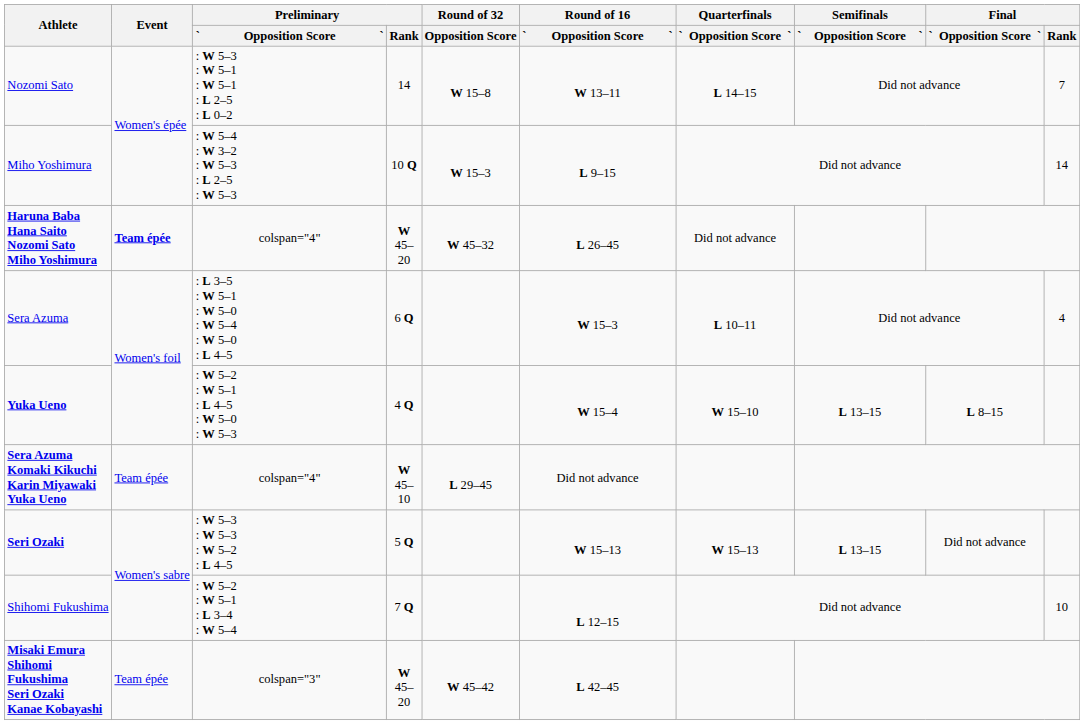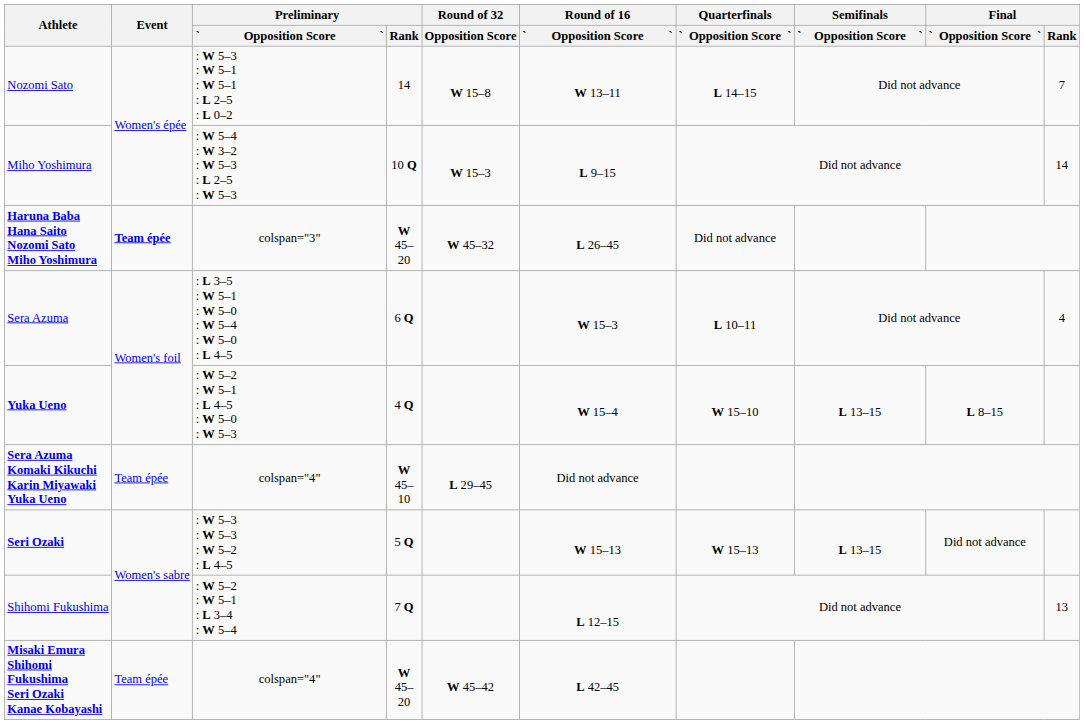 <table class=wikitable style=font-size:90%;text-align:center>
 <tr>
 <th rowspan="2">Athlete</th>
 <th rowspan="2">Event</th>
 <th colspan="2">Preliminary</th>
 <th>Round of 32</th>
 <th>Round of 16</th>
 <th>Quarterfinals</th>
 <th>Semifinals</th>
 <th colspan="2">Final</th>
 </tr>
 <tr>
 <th>`              Opposition Score              `</th>
 <th>Rank</th>
 <th>Opposition Score</th>
 <th>`        Opposition Score        `</th>
 <th>`  Opposition Score  `</th>
 <th>`    Opposition Score    `</th>
 <th>`  Opposition Score  `</th>
 <th>Rank</th>
 </tr>
 <tr>
 <td align=left><a href='#'>Nozomi Sato</a></td>
 <td align=left rowspan="2"><a href='#'>Women's épée</a></td>
 <td align=left>: <strong>W</strong> 5–3<br>: <strong>W</strong> 5–1<br>: <strong>W</strong> 5–1<br>: <strong>L</strong> 2–5<br>: <strong>L</strong> 0–2</td>
 <td>14</td>
 <td><br><strong>W</strong> 15–8</td>
 <td><br><strong>W</strong> 13–11</td>
 <td><br><strong>L</strong> 14–15</td>
 <td colspan="2">Did not advance</td>
 <td>7</td>
 </tr>
 <tr>
 <td align=left><a href='#'>Miho Yoshimura</a></td>
 <td align=left>: <strong>W</strong> 5–4<br>: <strong>W</strong> 3–2<br>: <strong>W</strong> 5–3<br>: <strong>L</strong> 2–5<br>: <strong>W</strong> 5–3</td>
 <td>10 <strong>Q</strong></td>
 <td><br><strong>W</strong> 15–3</td>
 <td><br><strong>L</strong> 9–15</td>
 <td colspan="3">Did not advance</td>
 <td>14</td>
 </tr>
 <tr>
 <td align=left><strong><a href='#'>Haruna Baba</a><br><a href='#'>Hana Saito</a><br><a href='#'>Nozomi Sato</a><br><a href='#'>Miho Yoshimura</a></strong></td>
 <td align=left><strong><a href='#'>Team épée</a></strong></td>
-<td>colspan="4" </td>
+<td>colspan="3" </td>
 <td><br><strong>W</strong> 45–20</td>
 <td><br><strong>W</strong> 45–32</td>
 <td><br><strong>L</strong> 26–45</td>
 <td>Did not advance</td>
 <td></td>
 </tr>
 <tr>
 <td align=left><a href='#'>Sera Azuma</a></td>
 <td align=left rowspan="2"><a href='#'>Women's foil</a></td>
 <td align=left>: <strong>L</strong> 3–5<br>: <strong>W</strong> 5–1<br>: <strong>W</strong> 5–0<br>: <strong>W</strong> 5–4<br>: <strong>W</strong> 5–0<br>: <strong>L</strong> 4–5</td>
 <td>6 <strong>Q</strong></td>
 <td></td>
 <td><br><strong>W</strong> 15–3</td>
 <td><br><strong>L</strong> 10–11</td>
 <td colspan="2">Did not advance</td>
 <td>4</td>
 </tr>
 <tr>
 <td align=left><strong><a href='#'>Yuka Ueno</a></strong></td>
 <td align=left>: <strong>W</strong> 5–2<br>: <strong>W</strong> 5–1<br>: <strong>L</strong> 4–5<br>: <strong>W</strong> 5–0<br>: <strong>W</strong> 5–3</td>
 <td>4 <strong>Q</strong></td>
 <td></td>
 <td><br><strong>W</strong> 15–4</td>
 <td><br><strong>W</strong> 15–10</td>
 <td><br><strong>L</strong> 13–15</td>
 <td><br><strong>L</strong> 8–15</td>
 <td></td>
 </tr>
 <tr>
 <td align=left><strong><a href='#'>Sera Azuma</a><br><a href='#'>Komaki Kikuchi</a><br><a href='#'>Karin Miyawaki</a><br><a href='#'>Yuka Ueno</a></strong></td>
 <td align=left><a href='#'>Team épée</a></td>
 <td>colspan="4" </td>
 <td><br><strong>W</strong> 45–10</td>
 <td><br><strong>L</strong> 29–45</td>
 <td>Did not advance</td>
 <td></td>
 </tr>
 <tr>
 <td align=left><strong><a href='#'>Seri Ozaki</a></strong></td>
 <td align=left rowspan="2"><a href='#'>Women's sabre</a></td>
 <td align=left>: <strong>W</strong> 5–3<br>: <strong>W</strong> 5–3<br>: <strong>W</strong> 5–2<br>: <strong>L</strong> 4–5</td>
 <td>5 <strong>Q</strong></td>
 <td></td>
 <td><br><strong>W</strong> 15–13</td>
 <td><br><strong>W</strong> 15–13</td>
 <td><br><strong>L</strong> 13–15</td>
 <td>Did not advance</td>
 <td></td>
 </tr>
 <tr>
 <td align=left><a href='#'>Shihomi&nbsp;Fukushima</a></td>
 <td align=left>: <strong>W</strong> 5–2<br>: <strong>W</strong> 5–1<br>: <strong>L</strong> 3–4<br>: <strong>W</strong> 5–4</td>
 <td>7 <strong>Q</strong></td>
 <td></td>
 <td><br><br><strong>L</strong> 12–15</td>
 <td colspan="3">Did not advance</td>
-<td>10</td>
+<td>13</td>
 </tr>
 <tr>
 <td align=left><strong><a href='#'>Misaki Emura</a><br><a href='#'>Shihomi Fukushima</a><br><a href='#'>Seri Ozaki</a><br><a href='#'>Kanae Kobayashi</a></strong></td>
 <td align=left><a href='#'>Team épée</a></td>
-<td>colspan="3" </td>
+<td>colspan="4" </td>
 <td><br><strong>W</strong> 45–20</td>
 <td><br><strong>W</strong> 45–42</td>
 <td><br><strong>L</strong> 42–45</td>
 <td></td>
 </tr>
 </table>
